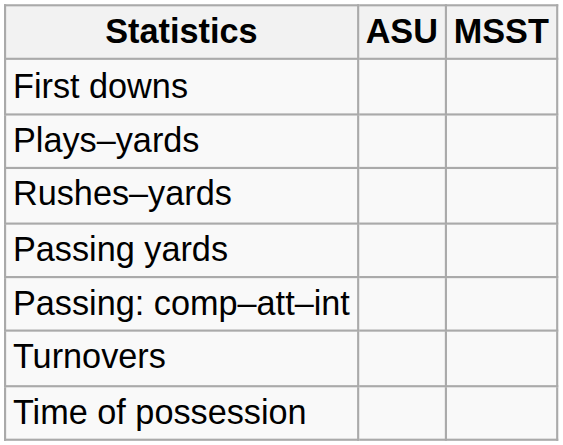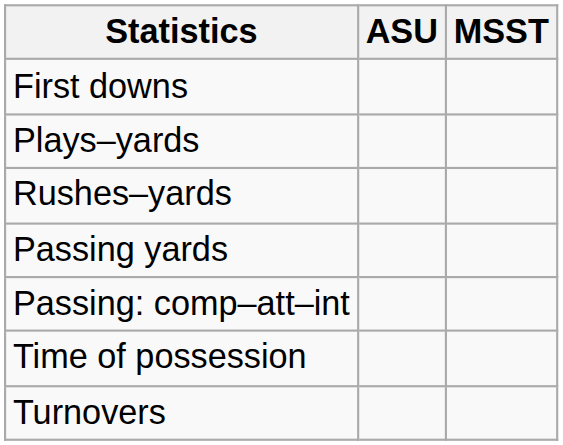 <table class="wikitable" style="float:left">
 <tr>
 <th>Statistics</th>
 <th>ASU</th>
 <th>MSST</th>
 </tr>
 <tr>
 <td>First downs</td>
 <td></td>
 <td></td>
 </tr>
 <tr>
 <td>Plays–yards</td>
 <td></td>
 <td></td>
 </tr>
 <tr>
 <td>Rushes–yards</td>
 <td></td>
 <td></td>
 </tr>
 <tr>
 <td>Passing yards</td>
 <td></td>
 <td></td>
 </tr>
 <tr>
 <td>Passing: comp–att–int</td>
 <td></td>
 <td></td>
 </tr>
 <tr>
+<td>Time of possession</td>
+<td></td>
+<td></td>
+</tr>
+<tr>
 <td>Turnovers</td>
 <td></td>
 <td></td>
 </tr>
-<tr>
-<td>Time of possession</td>
-<td></td>
-<td></td>
-</tr>
 </table>
